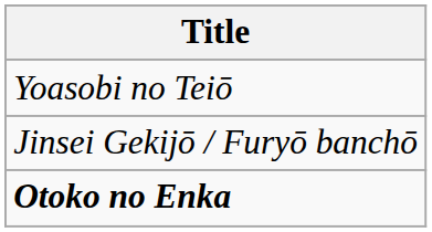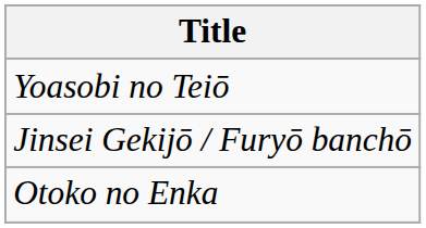 <table class="wikitable">
 <tr>
 <th>Title</th>
 </tr>
 <tr>
 <td><em>Yoasobi no Teiō</em></td>
 </tr>
 <tr>
 <td><em>Jinsei Gekijō / Furyō banchō</em></td>
 </tr>
 <tr>
-<td><strong><em>Otoko no Enka</em></strong></td>
+<td><em>Otoko no Enka</em></td>
 </tr>
 </table>
